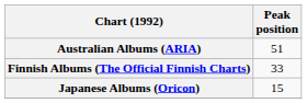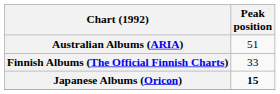 <table class="wikitable sortable plainrowheaders" style="text-align:center">
 <tr>
 <th scope="col">Chart (1992)</th>
 <th scope="col">Peak<br>position</th>
 </tr>
 <tr>
 <th scope="row">Australian Albums (<a href='#'>ARIA</a>)</th>
 <td align="center">51</td>
 </tr>
 <tr>
 <th scope="row">Finnish Albums (<a href='#'>The Official Finnish Charts</a>)</th>
 <td align="center">33</td>
 </tr>
 <tr>
 <th scope="row">Japanese Albums (<a href='#'>Oricon</a>)</th>
-<td align="center">15</td>
+<td align="center"><strong>15</strong></td>
 </tr>
 <tr>
 </tr>
 <tr>
 </tr>
 </table>
